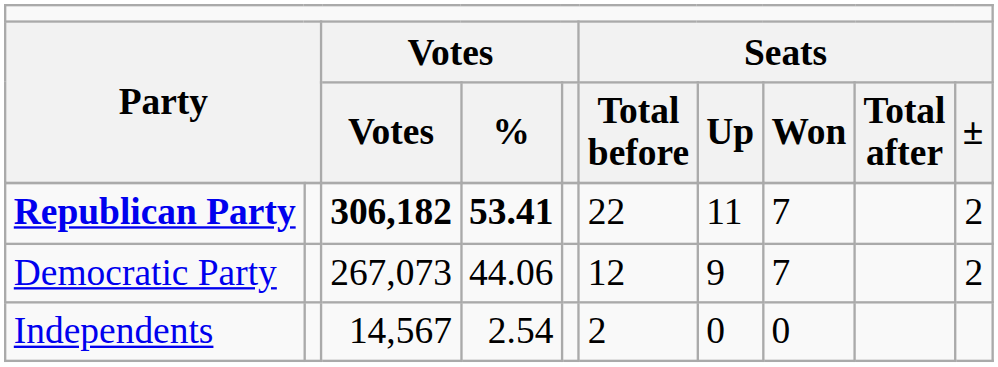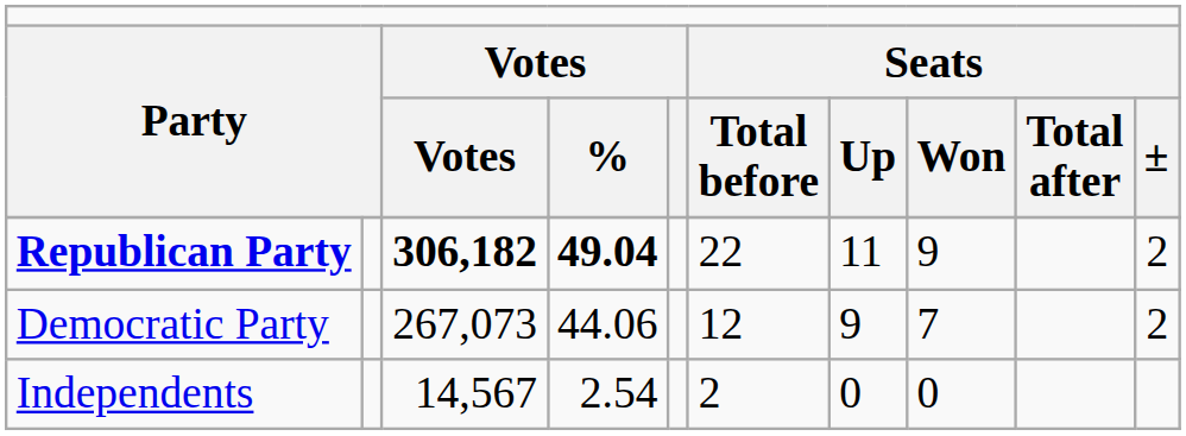 <table class="wikitable sortable" style="text-align:centre;">
 <tr>
 <td colspan=15 align=center></td>
 </tr>
 <tr>
 <th colspan=2 rowspan=2>Party</th>
 <th colspan=3>Votes</th>
 <th colspan=5>Seats</th>
 </tr>
 <tr>
 <th>Votes</th>
 <th>%</th>
 <th class="unsortable"></th>
 <th>Total<br>before</th>
 <th>Up</th>
 <th>Won</th>
 <th>Total<br>after</th>
 <th>±</th>
 </tr>
 <tr>
 </tr>
 <tr>
 <td style="text-align:left;"><strong><a href='#'>Republican Party</a></strong></td>
 <td style="background:"></td>
 <td style="text-align:right;"><strong>306,182</strong></td>
-<td style="text-align:right;"><strong>53.41</strong></td>
+<td style="text-align:right;"><strong>49.04</strong></td>
 <td></td>
 <td>22</td>
 <td>11</td>
-<td>7</td>
+<td>9</td>
 <td data-sort-value=""></td>
 <td style="text-align:right;"> 2</td>
 </tr>
 <tr>
 <td style="text-align:left;"><a href='#'>Democratic Party</a></td>
 <td style="background:"></td>
 <td style="text-align:right;">267,073</td>
 <td style="text-align:right;">44.06</td>
 <td></td>
 <td>12</td>
 <td>9</td>
 <td>7</td>
 <td data-sort-value=""></td>
 <td style="text-align:right;"> 2</td>
 </tr>
 <tr>
 <td style="text-align:left;"><a href='#'>Independents</a></td>
 <td style="background:"></td>
 <td style="text-align:right;">14,567</td>
 <td style="text-align:right;">2.54</td>
 <td></td>
 <td>2</td>
 <td>0</td>
 <td>0</td>
 <td data-sort-value=""></td>
 <td style="text-align:right;"></td>
 </tr>
 </table>
